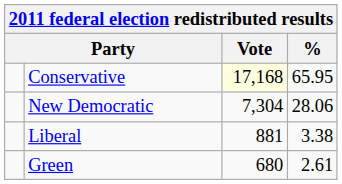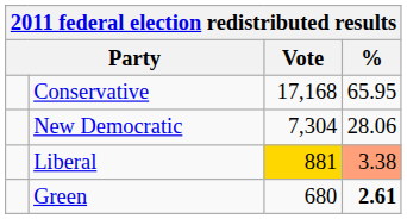 <table class="wikitable">
 <tr>
 <th colspan="4"><a href='#'>2011 federal election</a> redistributed results</th>
 </tr>
 <tr>
 <th bgcolor="#DDDDFF" width="130px" colspan="2">Party</th>
 <th bgcolor="#DDDDFF" width="50px">Vote</th>
 <th bgcolor="#DDDDFF" width="30px">%</th>
 </tr>
 <tr>
 <td> </td>
 <td><a href='#'>Conservative</a></td>
-<td align=right style="background: lightyellow;">17,168</td>
+<td align=right>17,168</td>
 <td align=right>65.95</td>
 </tr>
 <tr>
 <td> </td>
 <td><a href='#'>New Democratic</a></td>
 <td align=right>7,304</td>
 <td align=right>28.06</td>
 </tr>
 <tr>
 <td> </td>
 <td><a href='#'>Liberal</a></td>
-<td align=right>881</td>
-<td align=right>3.38</td>
+<td align=right style="background: gold;">881</td>
+<td align=right style="background: lightsalmon;">3.38</td>
 </tr>
 <tr>
 <td> </td>
 <td><a href='#'>Green</a></td>
 <td align=right>680</td>
-<td align=right>2.61</td>
+<td align=right><strong>2.61</strong></td>
 </tr>
 </table>
